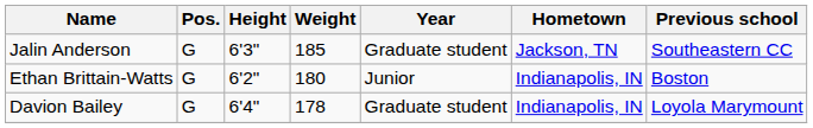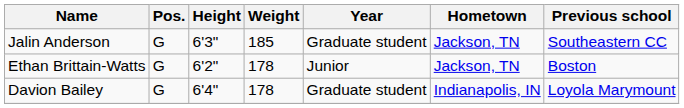 <table class="wikitable sortable" border="1">
 <tr align=center>
 <th>Name</th>
 <th>Pos.</th>
 <th>Height</th>
 <th>Weight</th>
 <th>Year</th>
 <th>Hometown</th>
 <th>Previous school</th>
 </tr>
 <tr>
 <td>Jalin Anderson</td>
 <td>G</td>
 <td>6'3"</td>
 <td>185</td>
 <td>Graduate student</td>
 <td><a href='#'>Jackson, TN</a></td>
 <td><a href='#'>Southeastern CC</a></td>
 </tr>
 <tr>
 <td>Ethan Brittain-Watts</td>
 <td>G</td>
 <td>6'2"</td>
-<td>180</td>
+<td>178</td>
 <td>Junior</td>
-<td><a href='#'>Indianapolis, IN</a></td>
+<td><a href='#'>Jackson, TN</a></td>
 <td><a href='#'>Boston</a></td>
 </tr>
 <tr>
 <td>Davion Bailey</td>
 <td>G</td>
 <td>6'4"</td>
 <td>178</td>
 <td>Graduate student</td>
 <td><a href='#'>Indianapolis, IN</a></td>
 <td><a href='#'>Loyola Marymount</a></td>
 </tr>
 <tr>
 </tr>
 </table>
